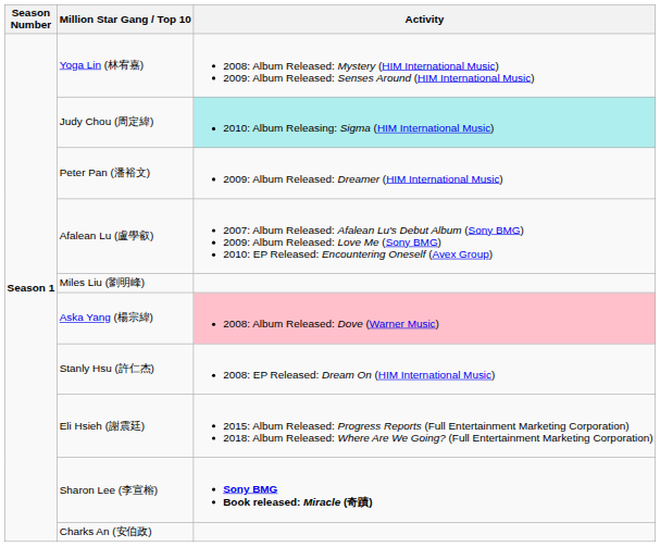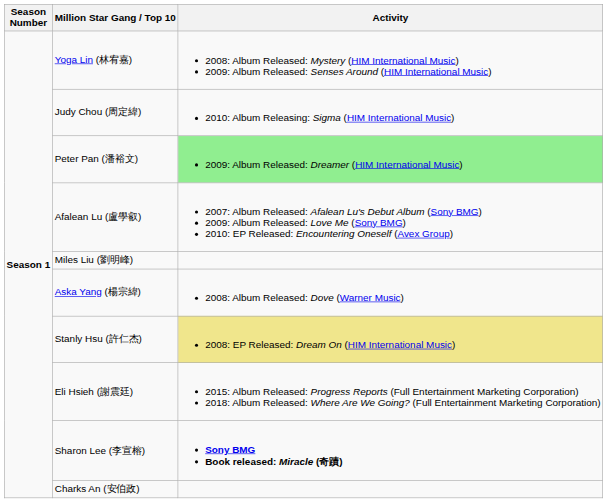 <table class="wikitable">
 <tr>
 <th align="center">Season<br>Number</th>
 <th align="center">Million Star Gang / Top 10</th>
 <th align="center">Activity</th>
 </tr>
 <tr>
 <td rowspan="10"><strong>Season 1</strong></td>
 <td><a href='#'>Yoga Lin</a> (林宥嘉)</td>
 <td><br><ul><li>2008: Album Released: <em>Mystery</em> (<a href='#'>HIM International Music</a>)</li><li>2009: Album Released: <em>Senses Around</em> (<a href='#'>HIM International Music</a>)</li></ul></td>
 </tr>
 <tr>
 <td>Judy Chou (周定緯)</td>
-<td style="background: paleturquoise;"><br><ul><li>2010: Album Releasing: <em>Sigma</em> (<a href='#'>HIM International Music</a>)</li></ul></td>
+<td><br><ul><li>2010: Album Releasing: <em>Sigma</em> (<a href='#'>HIM International Music</a>)</li></ul></td>
 </tr>
 <tr>
 <td>Peter Pan (潘裕文)</td>
-<td><br><ul><li>2009: Album Released: <em>Dreamer</em> (<a href='#'>HIM International Music</a>)</li></ul></td>
+<td style="background: lightgreen;"><br><ul><li>2009: Album Released: <em>Dreamer</em> (<a href='#'>HIM International Music</a>)</li></ul></td>
 </tr>
 <tr>
 <td>Afalean Lu (盧學叡)</td>
 <td><br><ul><li>2007: Album Released: <em>Afalean Lu's Debut Album</em> (<a href='#'>Sony BMG</a>)</li><li>2009: Album Released: <em>Love Me</em> (<a href='#'>Sony BMG</a>)</li><li>2010: EP Released: <em>Encountering Oneself</em> (<a href='#'>Avex Group</a>)</li></ul></td>
 </tr>
 <tr>
 <td>Miles Liu (劉明峰)</td>
 <td></td>
 </tr>
 <tr>
 <td><a href='#'>Aska Yang</a> (楊宗緯)</td>
-<td style="background: pink;"><br><ul><li>2008: Album Released: <em>Dove</em> (<a href='#'>Warner Music</a>)</li></ul></td>
+<td><br><ul><li>2008: Album Released: <em>Dove</em> (<a href='#'>Warner Music</a>)</li></ul></td>
 </tr>
 <tr>
 <td>Stanly Hsu (許仁杰)</td>
-<td><br><ul><li>2008: EP Released: <em>Dream On</em> (<a href='#'>HIM International Music</a>)</li></ul></td>
+<td style="background: khaki;"><br><ul><li>2008: EP Released: <em>Dream On</em> (<a href='#'>HIM International Music</a>)</li></ul></td>
 </tr>
 <tr>
 <td>Eli Hsieh (謝震廷)</td>
 <td><br><ul><li>2015: Album Released: <em>Progress Reports</em> (Full Entertainment Marketing Corporation)</li><li>2018: Album Released: <em>Where Are We Going?</em> (Full Entertainment Marketing Corporation)</li></ul></td>
 </tr>
 <tr>
 <td>Sharon Lee (李宣榕)</td>
 <td><strong><br><ul><li><a href='#'>Sony BMG</a></li><li>Book released: <em>Miracle</em> (奇蹟)</li></ul></strong></td>
 </tr>
 <tr>
 <td>Charks An (安伯政)</td>
 <td></td>
 </tr>
 </table>
